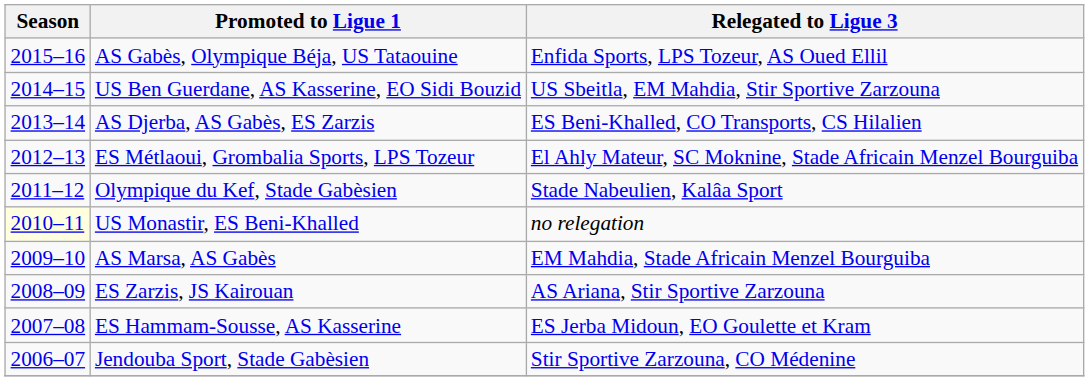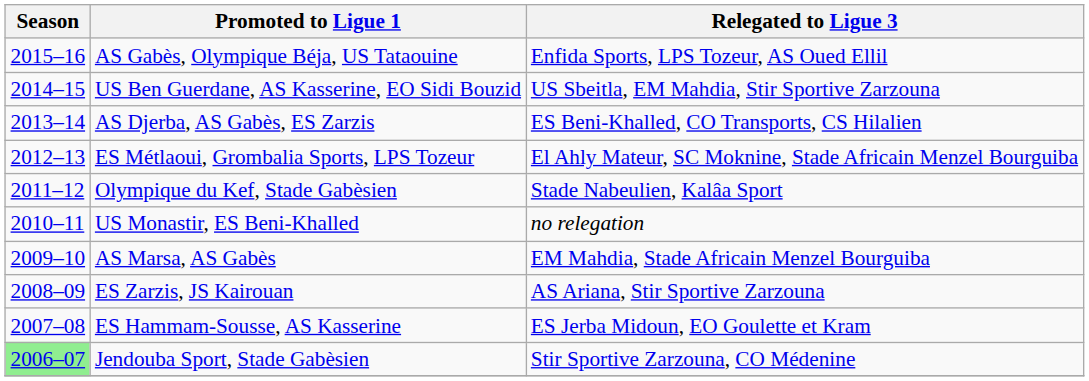 <table class="wikitable" style="margin:1em auto;">
 <tr>
 <th>Season</th>
 <th>Promoted to <a href='#'>Ligue 1</a></th>
 <th>Relegated to <a href='#'>Ligue 3</a></th>
 </tr>
 <tr>
 <td><a href='#'>2015–16</a></td>
 <td><a href='#'>AS Gabès</a>, <a href='#'>Olympique Béja</a>, <a href='#'>US Tataouine</a></td>
 <td><a href='#'>Enfida Sports</a>, <a href='#'>LPS Tozeur</a>, <a href='#'>AS Oued Ellil</a></td>
 </tr>
 <tr>
 <td><a href='#'>2014–15</a></td>
 <td><a href='#'>US Ben Guerdane</a>, <a href='#'>AS Kasserine</a>, <a href='#'>EO Sidi Bouzid</a></td>
 <td><a href='#'>US Sbeitla</a>, <a href='#'>EM Mahdia</a>, <a href='#'>Stir Sportive Zarzouna</a></td>
 </tr>
 <tr>
 <td><a href='#'>2013–14</a></td>
 <td><a href='#'>AS Djerba</a>, <a href='#'>AS Gabès</a>, <a href='#'>ES Zarzis</a></td>
 <td><a href='#'>ES Beni-Khalled</a>, <a href='#'>CO Transports</a>, <a href='#'>CS Hilalien</a></td>
 </tr>
 <tr>
 <td><a href='#'>2012–13</a></td>
 <td><a href='#'>ES Métlaoui</a>, <a href='#'>Grombalia Sports</a>, <a href='#'>LPS Tozeur</a></td>
 <td><a href='#'>El Ahly Mateur</a>, <a href='#'>SC Moknine</a>, <a href='#'>Stade Africain Menzel Bourguiba</a></td>
 </tr>
 <tr>
 <td><a href='#'>2011–12</a></td>
 <td><a href='#'>Olympique du Kef</a>, <a href='#'>Stade Gabèsien</a></td>
 <td><a href='#'>Stade Nabeulien</a>, <a href='#'>Kalâa Sport</a></td>
 </tr>
 <tr>
-<td style="background: lightyellow;"><a href='#'>2010–11</a></td>
+<td><a href='#'>2010–11</a></td>
 <td><a href='#'>US Monastir</a>, <a href='#'>ES Beni-Khalled</a></td>
 <td><em>no relegation</em></td>
 </tr>
 <tr>
 <td><a href='#'>2009–10</a></td>
 <td><a href='#'>AS Marsa</a>, <a href='#'>AS Gabès</a></td>
 <td><a href='#'>EM Mahdia</a>, <a href='#'>Stade Africain Menzel Bourguiba</a></td>
 </tr>
 <tr>
 <td><a href='#'>2008–09</a></td>
 <td><a href='#'>ES Zarzis</a>, <a href='#'>JS Kairouan</a></td>
 <td><a href='#'>AS Ariana</a>, <a href='#'>Stir Sportive Zarzouna</a></td>
 </tr>
 <tr>
 <td><a href='#'>2007–08</a></td>
 <td><a href='#'>ES Hammam-Sousse</a>, <a href='#'>AS Kasserine</a></td>
 <td><a href='#'>ES Jerba Midoun</a>, <a href='#'>EO Goulette et Kram</a></td>
 </tr>
 <tr>
-<td><a href='#'>2006–07</a></td>
+<td style="background: lightgreen;"><a href='#'>2006–07</a></td>
 <td><a href='#'>Jendouba Sport</a>, <a href='#'>Stade Gabèsien</a></td>
 <td><a href='#'>Stir Sportive Zarzouna</a>, <a href='#'>CO Médenine</a></td>
 </tr>
 <tr>
 </tr>
 </table>
